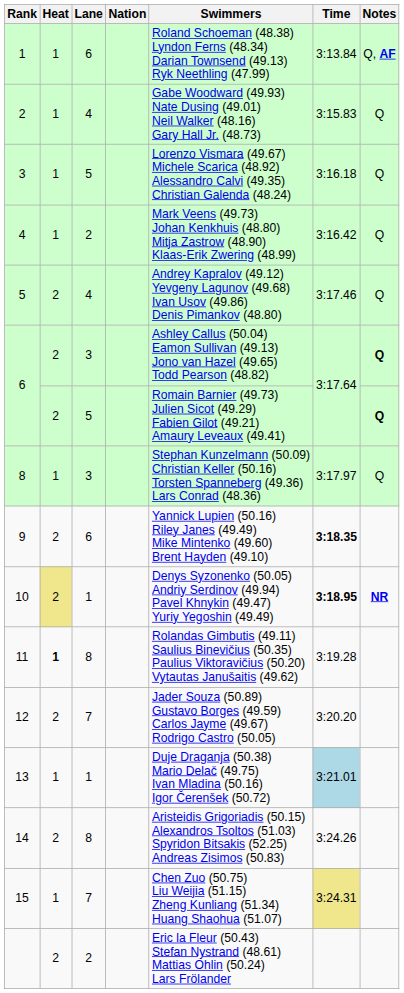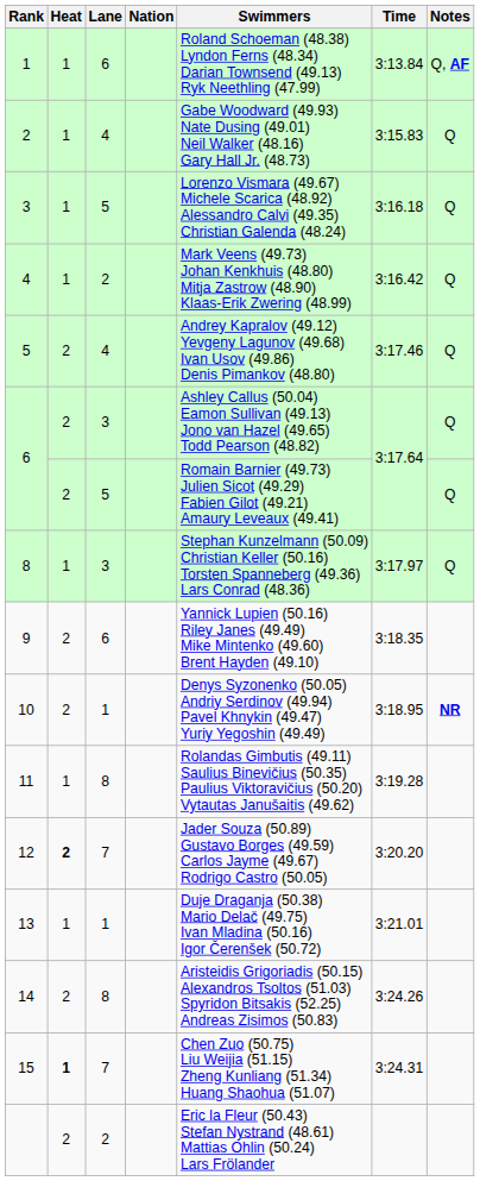 <table class="wikitable sortable" style="text-align:center">
 <tr>
 <th>Rank</th>
 <th>Heat</th>
 <th>Lane</th>
 <th>Nation</th>
 <th>Swimmers</th>
 <th>Time</th>
 <th>Notes</th>
 </tr>
 <tr bgcolor=#ccffcc>
 <td>1</td>
 <td>1</td>
 <td>6</td>
 <td align=left></td>
 <td align=left><a href='#'>Roland Schoeman</a> (48.38)<br><a href='#'>Lyndon Ferns</a> (48.34)<br><a href='#'>Darian Townsend</a> (49.13)<br><a href='#'>Ryk Neethling</a> (47.99)</td>
 <td>3:13.84</td>
 <td>Q, <strong><a href='#'>AF</a></strong></td>
 </tr>
 <tr bgcolor=#ccffcc>
 <td>2</td>
 <td>1</td>
 <td>4</td>
 <td align=left></td>
 <td align=left><a href='#'>Gabe Woodward</a> (49.93)<br><a href='#'>Nate Dusing</a> (49.01)<br><a href='#'>Neil Walker</a> (48.16)<br><a href='#'>Gary Hall Jr.</a> (48.73)</td>
 <td>3:15.83</td>
 <td>Q</td>
 </tr>
 <tr bgcolor=#ccffcc>
 <td>3</td>
 <td>1</td>
 <td>5</td>
 <td align=left></td>
 <td align=left><a href='#'>Lorenzo Vismara</a> (49.67)<br><a href='#'>Michele Scarica</a> (48.92)<br><a href='#'>Alessandro Calvi</a> (49.35)<br><a href='#'>Christian Galenda</a> (48.24)</td>
 <td>3:16.18</td>
 <td>Q</td>
 </tr>
 <tr bgcolor=#ccffcc>
 <td>4</td>
 <td>1</td>
 <td>2</td>
 <td align=left></td>
 <td align=left><a href='#'>Mark Veens</a> (49.73)<br><a href='#'>Johan Kenkhuis</a> (48.80)<br><a href='#'>Mitja Zastrow</a> (48.90)<br><a href='#'>Klaas-Erik Zwering</a> (48.99)</td>
 <td>3:16.42</td>
 <td>Q</td>
 </tr>
 <tr bgcolor=#ccffcc>
 <td>5</td>
 <td>2</td>
 <td>4</td>
 <td align=left></td>
 <td align=left><a href='#'>Andrey Kapralov</a> (49.12)<br><a href='#'>Yevgeny Lagunov</a> (49.68)<br><a href='#'>Ivan Usov</a> (49.86)<br><a href='#'>Denis Pimankov</a> (48.80)</td>
 <td>3:17.46</td>
 <td>Q</td>
 </tr>
 <tr bgcolor=#ccffcc>
 <td rowspan=2>6</td>
 <td>2</td>
 <td>3</td>
 <td align=left></td>
 <td align=left><a href='#'>Ashley Callus</a> (50.04)<br><a href='#'>Eamon Sullivan</a> (49.13)<br><a href='#'>Jono van Hazel</a> (49.65)<br><a href='#'>Todd Pearson</a> (48.82)</td>
 <td rowspan=2>3:17.64</td>
-<td><strong>Q</strong></td>
+<td>Q</td>
 </tr>
 <tr bgcolor=#ccffcc>
 <td>2</td>
 <td>5</td>
 <td align=left></td>
 <td align=left><a href='#'>Romain Barnier</a> (49.73)<br><a href='#'>Julien Sicot</a> (49.29)<br><a href='#'>Fabien Gilot</a> (49.21)<br><a href='#'>Amaury Leveaux</a> (49.41)</td>
-<td><strong>Q</strong></td>
+<td>Q</td>
 </tr>
 <tr bgcolor=#ccffcc>
 <td>8</td>
 <td>1</td>
 <td>3</td>
 <td align=left></td>
 <td align=left><a href='#'>Stephan Kunzelmann</a> (50.09)<br><a href='#'>Christian Keller</a> (50.16)<br><a href='#'>Torsten Spanneberg</a> (49.36)<br><a href='#'>Lars Conrad</a> (48.36)</td>
 <td>3:17.97</td>
 <td>Q</td>
 </tr>
 <tr>
 <td>9</td>
 <td>2</td>
 <td>6</td>
 <td align=left></td>
 <td align=left><a href='#'>Yannick Lupien</a> (50.16)<br><a href='#'>Riley Janes</a> (49.49)<br><a href='#'>Mike Mintenko</a> (49.60)<br><a href='#'>Brent Hayden</a> (49.10)</td>
-<td><strong>3:18.35</strong></td>
+<td>3:18.35</td>
 <td></td>
 </tr>
 <tr>
 <td>10</td>
-<td style="background: khaki;">2</td>
+<td>2</td>
 <td>1</td>
 <td align=left></td>
 <td align=left><a href='#'>Denys Syzonenko</a> (50.05)<br><a href='#'>Andriy Serdinov</a> (49.94)<br><a href='#'>Pavel Khnykin</a> (49.47)<br><a href='#'>Yuriy Yegoshin</a> (49.49)</td>
-<td><strong>3:18.95</strong></td>
+<td>3:18.95</td>
 <td><strong><a href='#'>NR</a></strong></td>
 </tr>
 <tr>
 <td>11</td>
-<td><strong>1</strong></td>
+<td>1</td>
 <td>8</td>
 <td align=left></td>
 <td align=left><a href='#'>Rolandas Gimbutis</a> (49.11)<br><a href='#'>Saulius Binevičius</a> (50.35)<br><a href='#'>Paulius Viktoravičius</a> (50.20)<br><a href='#'>Vytautas Janušaitis</a> (49.62)</td>
 <td>3:19.28</td>
 <td></td>
 </tr>
 <tr>
 <td>12</td>
-<td>2</td>
+<td><strong>2</strong></td>
 <td>7</td>
 <td align=left></td>
 <td align=left><a href='#'>Jader Souza</a> (50.89)<br><a href='#'>Gustavo Borges</a> (49.59)<br><a href='#'>Carlos Jayme</a> (49.67)<br><a href='#'>Rodrigo Castro</a> (50.05)</td>
 <td>3:20.20</td>
 <td></td>
 </tr>
 <tr>
 <td>13</td>
 <td>1</td>
 <td>1</td>
 <td align=left></td>
 <td align=left><a href='#'>Duje Draganja</a> (50.38)<br><a href='#'>Mario Delač</a> (49.75)<br><a href='#'>Ivan Mladina</a> (50.16)<br><a href='#'>Igor Čerenšek</a> (50.72)</td>
-<td style="background: lightblue;">3:21.01</td>
+<td>3:21.01</td>
 <td></td>
 </tr>
 <tr>
 <td>14</td>
 <td>2</td>
 <td>8</td>
 <td align=left></td>
 <td align=left><a href='#'>Aristeidis Grigoriadis</a> (50.15)<br><a href='#'>Alexandros Tsoltos</a> (51.03)<br><a href='#'>Spyridon Bitsakis</a> (52.25)<br><a href='#'>Andreas Zisimos</a> (50.83)</td>
 <td>3:24.26</td>
 <td></td>
 </tr>
 <tr>
 <td>15</td>
-<td>1</td>
+<td><strong>1</strong></td>
 <td>7</td>
 <td align=left></td>
 <td align=left><a href='#'>Chen Zuo</a> (50.75)<br><a href='#'>Liu Weijia</a> (51.15)<br><a href='#'>Zheng Kunliang</a> (51.34)<br><a href='#'>Huang Shaohua</a> (51.07)</td>
-<td style="background: khaki;">3:24.31</td>
+<td>3:24.31</td>
 <td></td>
 </tr>
 <tr>
 <td></td>
 <td>2</td>
 <td>2</td>
 <td align=left></td>
 <td align=left><a href='#'>Eric la Fleur</a> (50.43)<br><a href='#'>Stefan Nystrand</a> (48.61)<br><a href='#'>Mattias Ohlin</a> (50.24)<br><a href='#'>Lars Frölander</a></td>
 <td></td>
 <td></td>
 </tr>
 </table>
